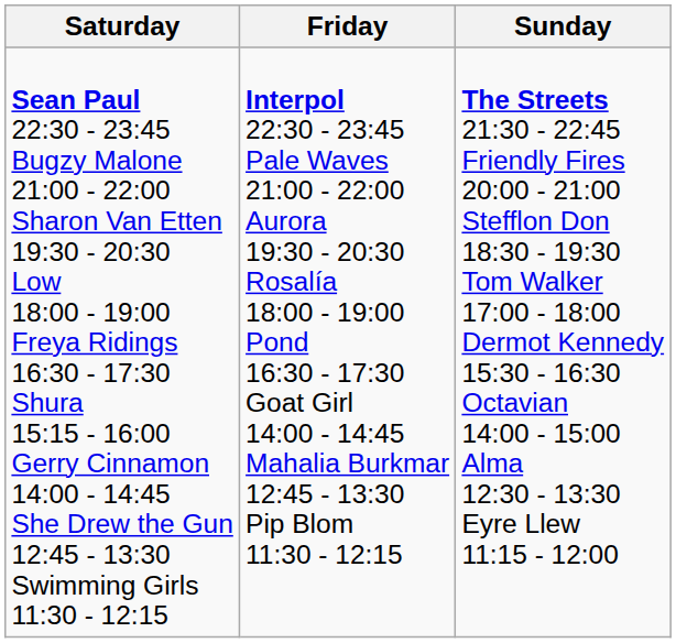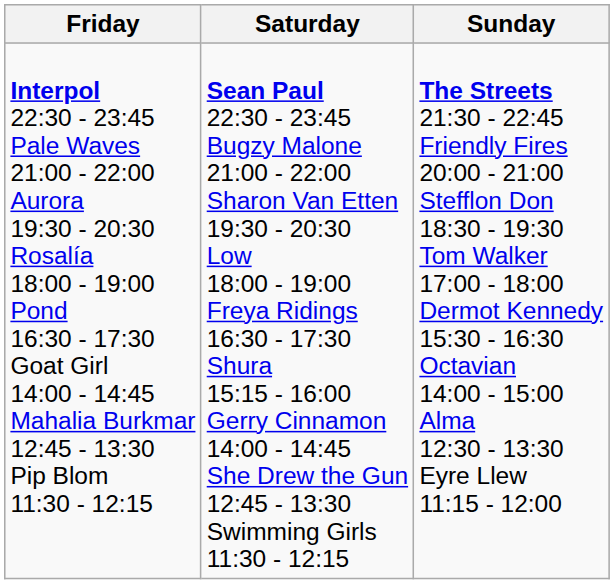 <table class="wikitable">
 <tr>
+<th>Friday</th>
 <th>Saturday</th>
-<th>Friday</th>
 <th>Sunday</th>
 </tr>
 <tr valign="top">
+<td><br><strong><a href='#'>Interpol</a></strong> <br>22:30 - 23:45 <br><a href='#'>Pale Waves</a> <br>21:00 - 22:00 <br><a href='#'>Aurora</a> <br>19:30 - 20:30 <br><a href='#'>Rosalía</a> <br>18:00 - 19:00 <br><a href='#'>Pond</a> <br>16:30 - 17:30 <br>Goat Girl <br>14:00 - 14:45 <br><a href='#'>Mahalia Burkmar</a> <br>12:45 - 13:30 <br>Pip Blom <br>11:30 - 12:15</td>
 <td><br><strong><a href='#'>Sean Paul</a></strong> <br>22:30 - 23:45 <br><a href='#'>Bugzy Malone</a> <br>21:00 - 22:00 <br><a href='#'>Sharon Van Etten</a> <br>19:30 - 20:30 <br><a href='#'>Low</a> <br>18:00 - 19:00 <br><a href='#'>Freya Ridings</a> <br>16:30 - 17:30 <br><a href='#'>Shura</a> <br>15:15 - 16:00 <br><a href='#'>Gerry Cinnamon</a> <br>14:00 - 14:45 <br><a href='#'>She Drew the Gun</a> <br>12:45 - 13:30 <br>Swimming Girls  <br>11:30 - 12:15</td>
-<td><br><strong><a href='#'>Interpol</a></strong> <br>22:30 - 23:45 <br><a href='#'>Pale Waves</a> <br>21:00 - 22:00 <br><a href='#'>Aurora</a> <br>19:30 - 20:30 <br><a href='#'>Rosalía</a> <br>18:00 - 19:00 <br><a href='#'>Pond</a> <br>16:30 - 17:30 <br>Goat Girl <br>14:00 - 14:45 <br><a href='#'>Mahalia Burkmar</a> <br>12:45 - 13:30 <br>Pip Blom <br>11:30 - 12:15</td>
 <td><br><strong><a href='#'>The Streets</a></strong> <br>21:30 - 22:45 <br><a href='#'>Friendly Fires</a> <br>20:00 - 21:00 <br><a href='#'>Stefflon Don</a> <br>18:30 - 19:30 <br><a href='#'>Tom Walker</a> <br>17:00 - 18:00 <br><a href='#'>Dermot Kennedy</a> <br>15:30 - 16:30 <br><a href='#'>Octavian</a> <br>14:00 - 15:00 <br><a href='#'>Alma</a> <br>12:30 - 13:30 <br>Eyre Llew <br>11:15 - 12:00</td>
 </tr>
 </table>
